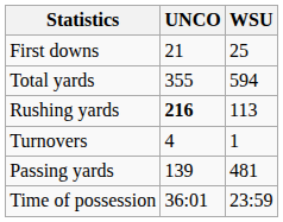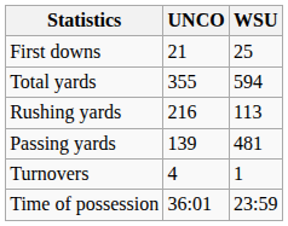 <table class="wikitable" style="float: left;">
 <tr>
 <th>Statistics</th>
 <th>UNCO</th>
 <th>WSU</th>
 </tr>
 <tr>
 <td>First downs</td>
 <td>21</td>
 <td>25</td>
 </tr>
 <tr>
 <td>Total yards</td>
 <td>355</td>
 <td>594</td>
 </tr>
 <tr>
 <td>Rushing yards</td>
-<td><strong>216</strong></td>
+<td>216</td>
 <td>113</td>
+</tr>
+<tr>
+<td>Passing yards</td>
+<td>139</td>
+<td>481</td>
 </tr>
 <tr>
 <td>Turnovers</td>
 <td>4</td>
 <td>1</td>
-</tr>
-<tr>
-<td>Passing yards</td>
-<td>139</td>
-<td>481</td>
 </tr>
 <tr>
 <td>Time of possession</td>
 <td>36:01</td>
 <td>23:59</td>
 </tr>
 <tr>
 </tr>
 </table>
